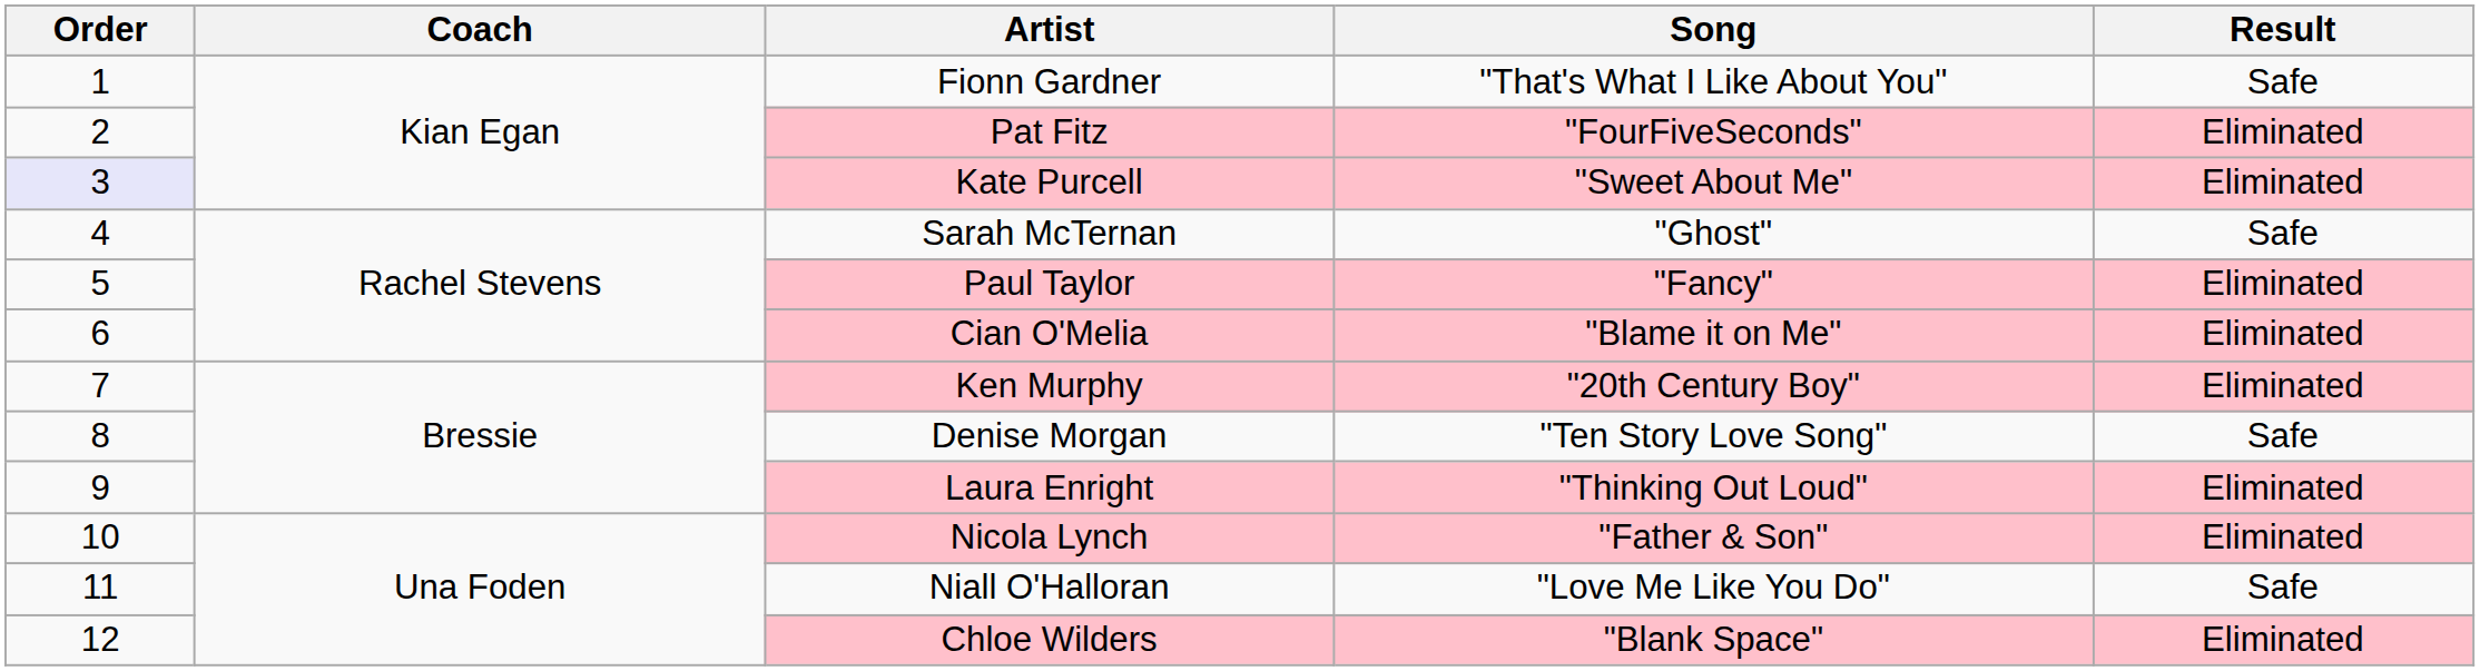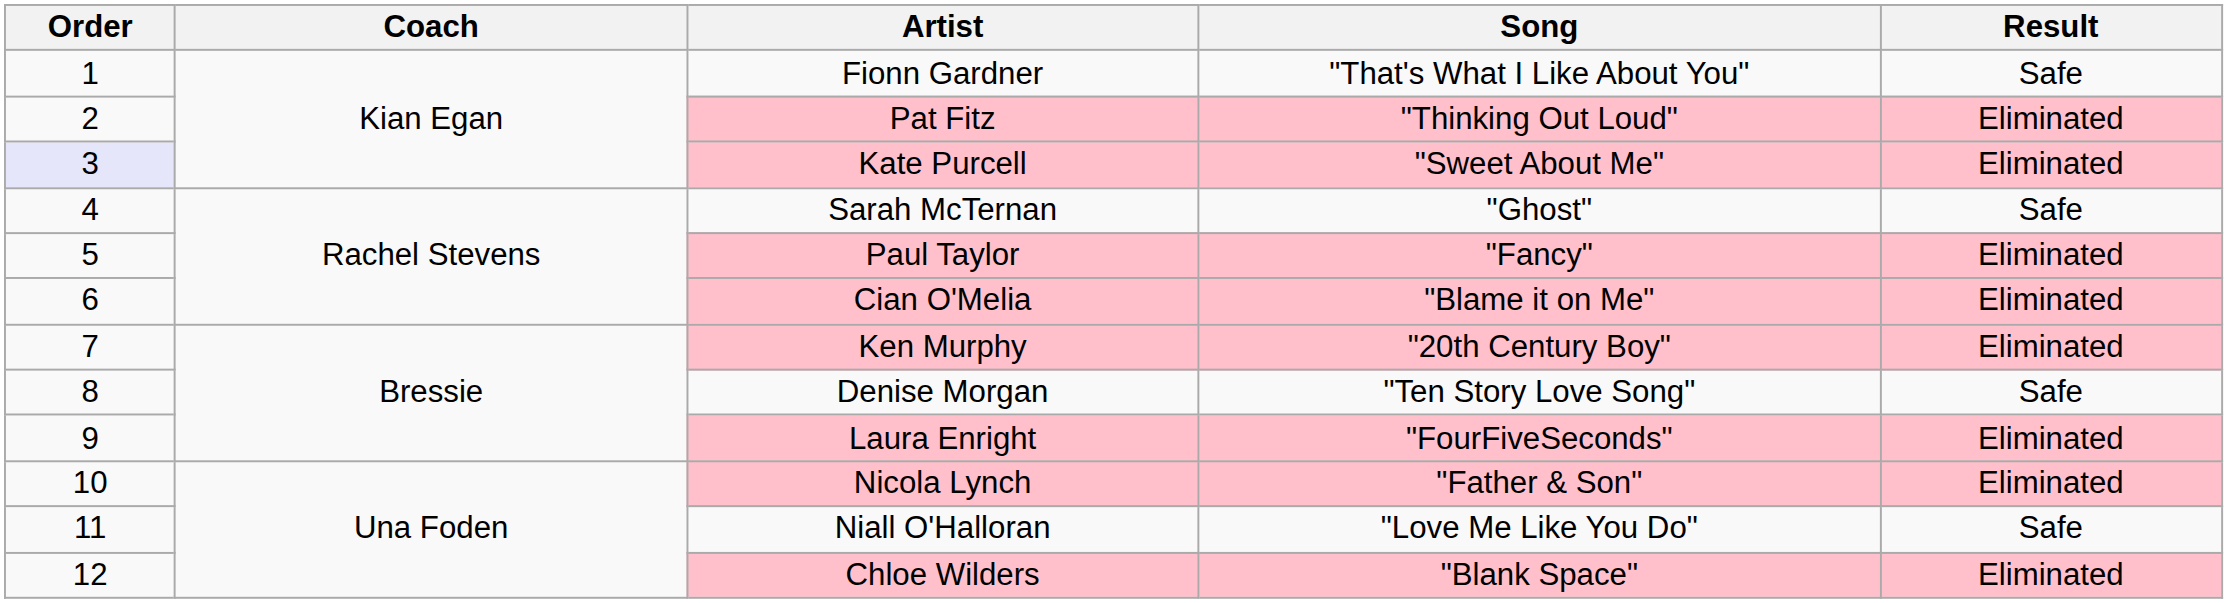 <table class="wikitable" style="text-align:center; line-height:16px; width:90%;">
 <tr>
 <th scope="col" width="05%">Order</th>
 <th scope="col" width="15%">Coach</th>
 <th scope="col" width="15%">Artist</th>
 <th scope="col" width="20%">Song</th>
 <th scope="col" width="10%">Result</th>
 </tr>
 <tr>
 <td>1</td>
 <td rowspan="3">Kian Egan</td>
 <td>Fionn Gardner</td>
 <td>"That's What I Like About You"</td>
 <td>Safe</td>
 </tr>
 <tr>
 <td>2</td>
 <td style="background:pink;">Pat Fitz</td>
-<td style="background:pink;">"FourFiveSeconds"</td>
+<td style="background:pink;">"Thinking Out Loud"</td>
 <td style="background:pink;">Eliminated</td>
 </tr>
 <tr>
 <td style="background: lavender;">3</td>
 <td style="background:pink;">Kate Purcell</td>
 <td style="background:pink;">"Sweet About Me"</td>
 <td style="background:pink;">Eliminated</td>
 </tr>
 <tr>
 <td>4</td>
 <td rowspan="3">Rachel Stevens</td>
 <td>Sarah McTernan</td>
 <td>"Ghost"</td>
 <td>Safe</td>
 </tr>
 <tr>
 <td>5</td>
 <td style="background:pink;">Paul Taylor</td>
 <td style="background:pink;">"Fancy"</td>
 <td style="background:pink;">Eliminated</td>
 </tr>
 <tr>
 <td>6</td>
 <td style="background:pink;">Cian O'Melia</td>
 <td style="background:pink;">"Blame it on Me"</td>
 <td style="background:pink;">Eliminated</td>
 </tr>
 <tr>
 <td>7</td>
 <td rowspan="3">Bressie</td>
 <td style="background:pink;">Ken Murphy</td>
 <td style="background:pink;">"20th Century Boy"</td>
 <td style="background:pink;">Eliminated</td>
 </tr>
 <tr>
 <td>8</td>
 <td>Denise Morgan</td>
 <td>"Ten Story Love Song"</td>
 <td>Safe</td>
 </tr>
 <tr>
 <td>9</td>
 <td style="background:pink;">Laura Enright</td>
-<td style="background:pink;">"Thinking Out Loud"</td>
+<td style="background:pink;">"FourFiveSeconds"</td>
 <td style="background:pink;">Eliminated</td>
 </tr>
 <tr>
 <td>10</td>
 <td rowspan="3">Una Foden</td>
 <td style="background:pink;">Nicola Lynch</td>
 <td style="background:pink;">"Father & Son"</td>
 <td style="background:pink;">Eliminated</td>
 </tr>
 <tr>
 <td>11</td>
 <td>Niall O'Halloran</td>
 <td>"Love Me Like You Do"</td>
 <td>Safe</td>
 </tr>
 <tr>
 <td>12</td>
 <td style="background:pink;">Chloe Wilders</td>
 <td style="background:pink;">"Blank Space"</td>
 <td style="background:pink;">Eliminated</td>
 </tr>
 </table>
